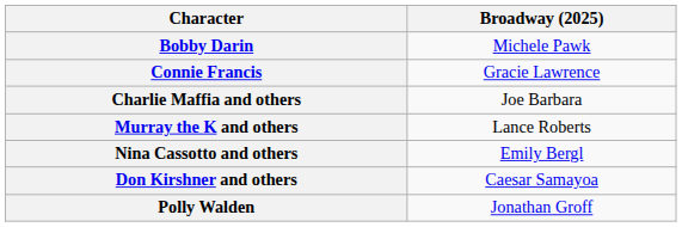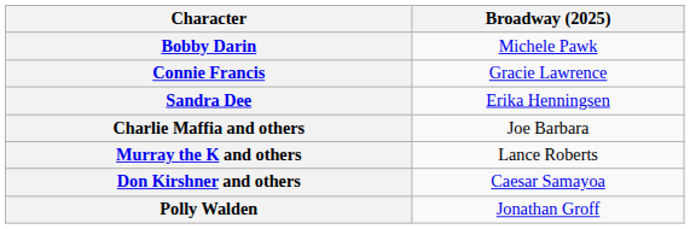 <table class="wikitable" style="width:50%; text-align:center">
 <tr>
 <th scope="col">Character</th>
 <th>Broadway (2025)</th>
 </tr>
 <tr>
 <th><a href='#'>Bobby Darin</a></th>
 <td colspan="1"><a href='#'>Michele Pawk</a></td>
 </tr>
 <tr>
 <th><a href='#'>Connie Francis</a></th>
 <td colspan="1”"><a href='#'>Gracie Lawrence</a></td>
 </tr>
 <tr>
+<th><a href='#'>Sandra Dee</a></th>
+<td colspan="1”"><a href='#'>Erika Henningsen</a></td>
+</tr>
+<tr>
 <th>Charlie Maffia and others</th>
 <td colspan="1">Joe Barbara</td>
 </tr>
 <tr>
 <th><a href='#'>Murray the K</a> and others</th>
 <td colspan="1">Lance Roberts</td>
-</tr>
-<tr>
-<th>Nina Cassotto and others</th>
-<td colspan="1"><a href='#'>Emily Bergl</a></td>
 </tr>
 <tr>
 <th><a href='#'>Don Kirshner</a> and others</th>
 <td colspan="1"><a href='#'>Caesar Samayoa</a></td>
 </tr>
 <tr>
 <th>Polly Walden</th>
 <td colspan="1"><a href='#'>Jonathan Groff</a></td>
 </tr>
 </table>
